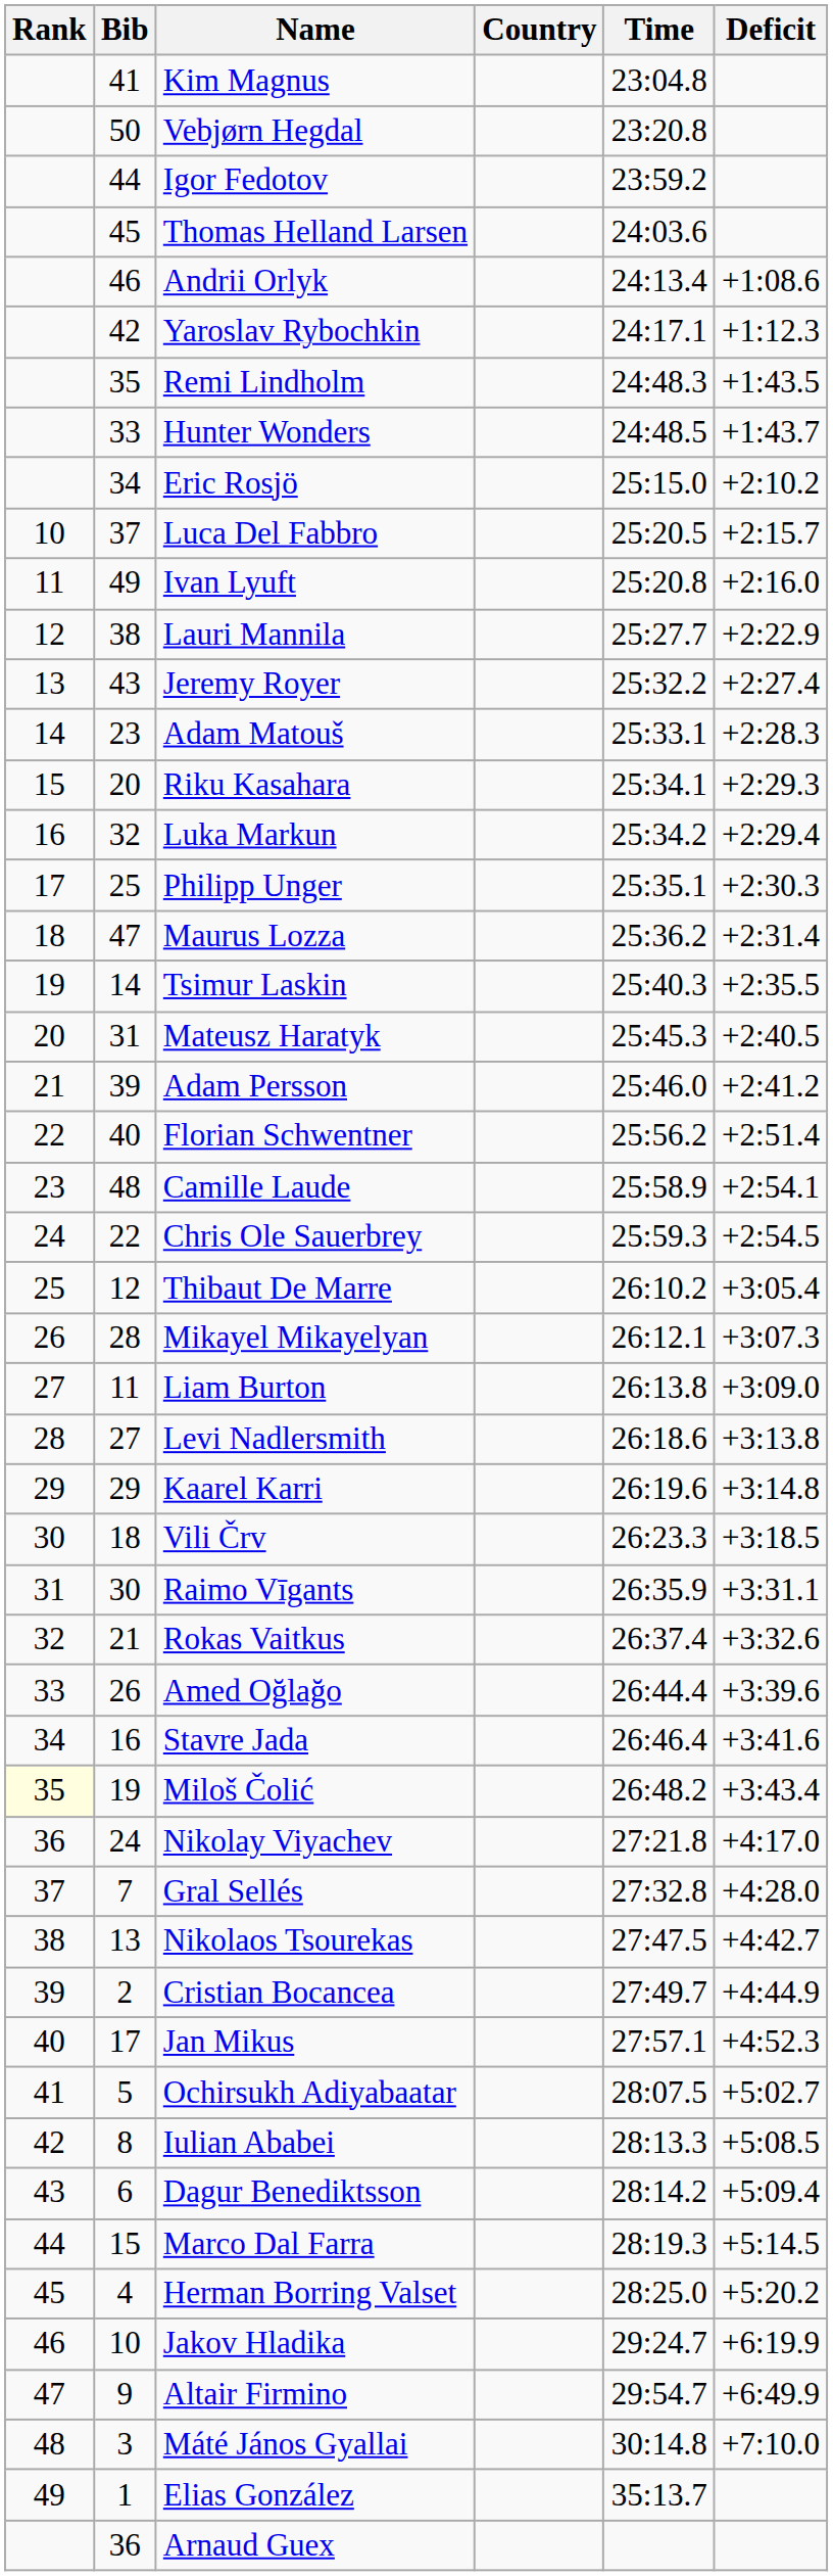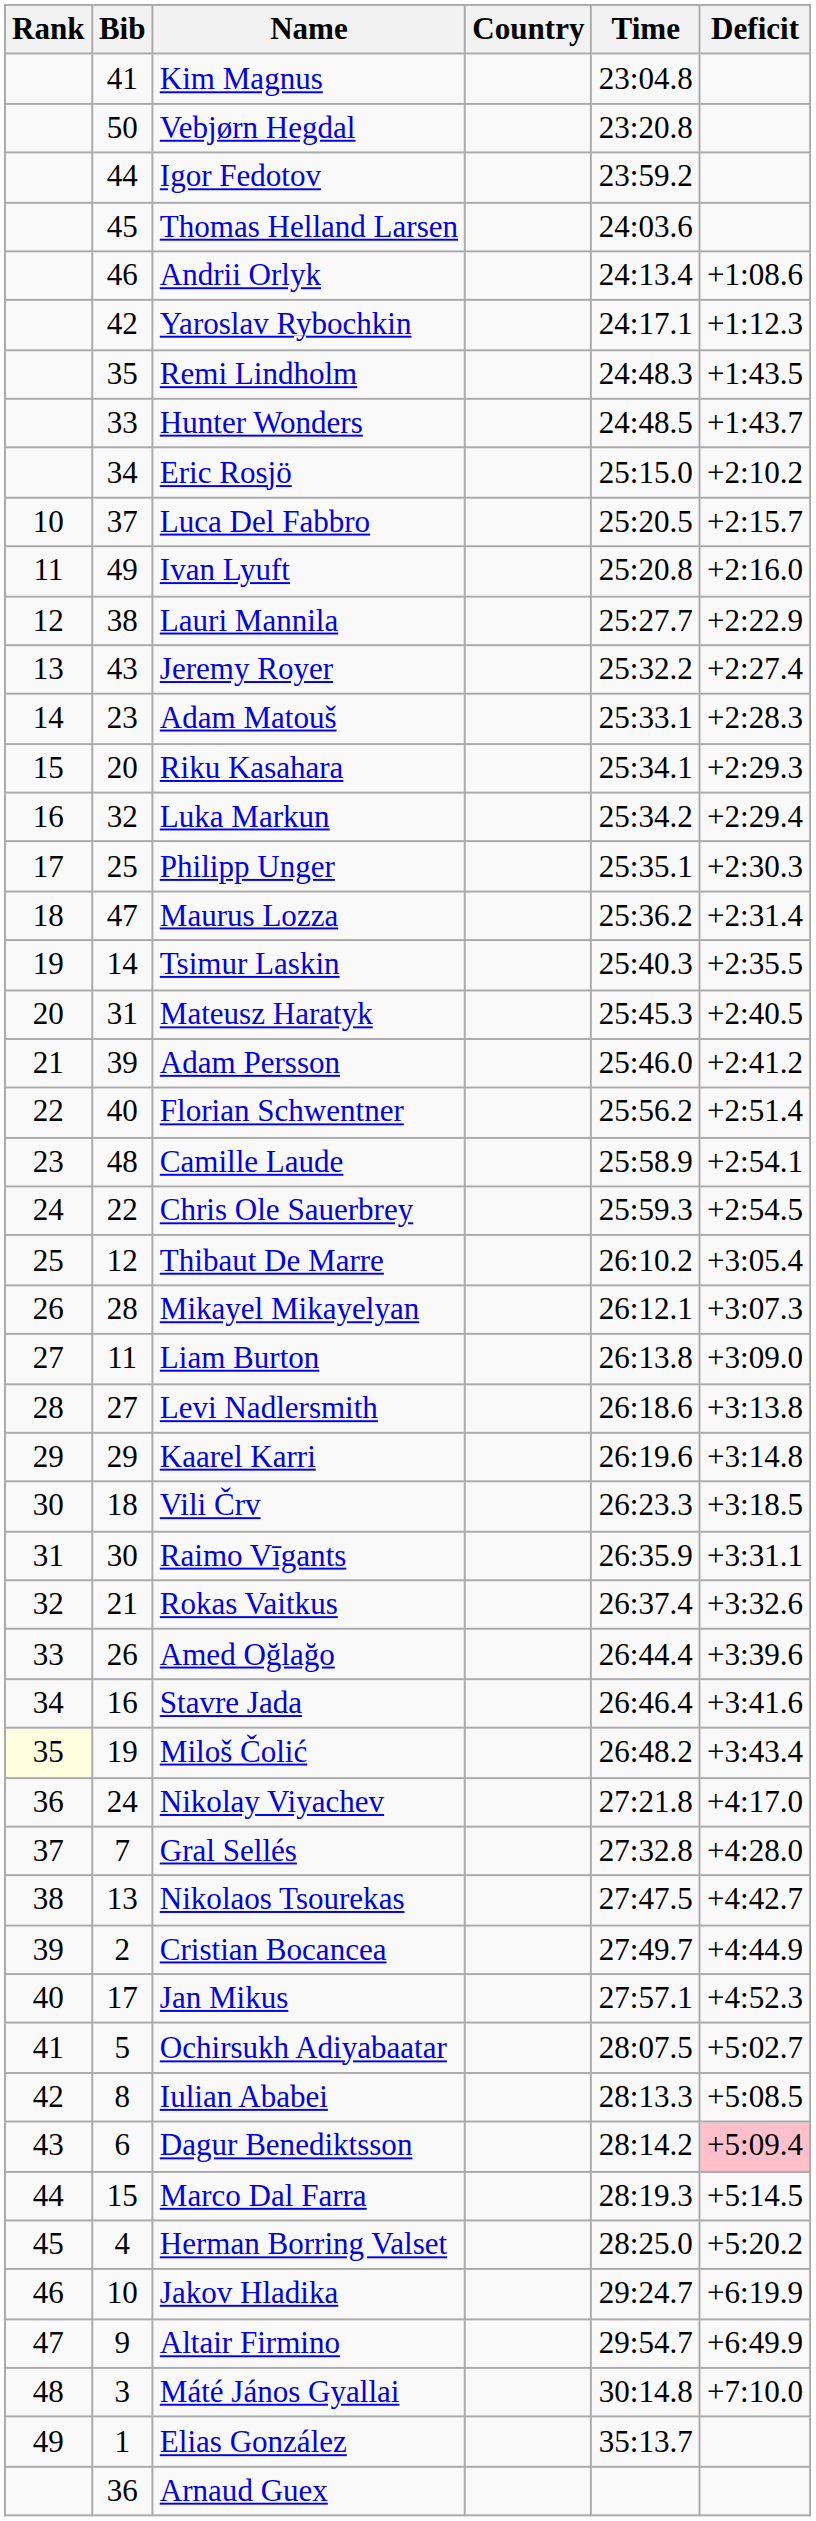 <table class="wikitable sortable" style="text-align:center">
 <tr>
 <th>Rank</th>
 <th>Bib</th>
 <th>Name</th>
 <th>Country</th>
 <th>Time</th>
 <th>Deficit</th>
 </tr>
 <tr>
 <td></td>
 <td>41</td>
 <td align=left><a href='#'>Kim Magnus</a></td>
 <td align=left></td>
 <td>23:04.8</td>
 <td></td>
 </tr>
 <tr>
 <td></td>
 <td>50</td>
 <td align=left><a href='#'>Vebjørn Hegdal</a></td>
 <td align=left></td>
 <td>23:20.8</td>
 <td></td>
 </tr>
 <tr>
 <td></td>
 <td>44</td>
 <td align=left><a href='#'>Igor Fedotov</a></td>
 <td align=left></td>
 <td>23:59.2</td>
 <td></td>
 </tr>
 <tr>
 <td></td>
 <td>45</td>
 <td align=left><a href='#'>Thomas Helland Larsen</a></td>
 <td align=left></td>
 <td>24:03.6</td>
 <td></td>
 </tr>
 <tr>
 <td></td>
 <td>46</td>
 <td align=left><a href='#'>Andrii Orlyk</a></td>
 <td align=left></td>
 <td>24:13.4</td>
 <td>+1:08.6</td>
 </tr>
 <tr>
 <td></td>
 <td>42</td>
 <td align=left><a href='#'>Yaroslav Rybochkin</a></td>
 <td align=left></td>
 <td>24:17.1</td>
 <td>+1:12.3</td>
 </tr>
 <tr>
 <td></td>
 <td>35</td>
 <td align=left><a href='#'>Remi Lindholm</a></td>
 <td align=left></td>
 <td>24:48.3</td>
 <td>+1:43.5</td>
 </tr>
 <tr>
 <td></td>
 <td>33</td>
 <td align=left><a href='#'>Hunter Wonders</a></td>
 <td align=left></td>
 <td>24:48.5</td>
 <td>+1:43.7</td>
 </tr>
 <tr>
 <td></td>
 <td>34</td>
 <td align=left><a href='#'>Eric Rosjö</a></td>
 <td align=left></td>
 <td>25:15.0</td>
 <td>+2:10.2</td>
 </tr>
 <tr>
 <td>10</td>
 <td>37</td>
 <td align=left><a href='#'>Luca Del Fabbro</a></td>
 <td align=left></td>
 <td>25:20.5</td>
 <td>+2:15.7</td>
 </tr>
 <tr>
 <td>11</td>
 <td>49</td>
 <td align=left><a href='#'>Ivan Lyuft</a></td>
 <td align=left></td>
 <td>25:20.8</td>
 <td>+2:16.0</td>
 </tr>
 <tr>
 <td>12</td>
 <td>38</td>
 <td align=left><a href='#'>Lauri Mannila</a></td>
 <td align=left></td>
 <td>25:27.7</td>
 <td>+2:22.9</td>
 </tr>
 <tr>
 <td>13</td>
 <td>43</td>
 <td align=left><a href='#'>Jeremy Royer</a></td>
 <td align=left></td>
 <td>25:32.2</td>
 <td>+2:27.4</td>
 </tr>
 <tr>
 <td>14</td>
 <td>23</td>
 <td align=left><a href='#'>Adam Matouš</a></td>
 <td align=left></td>
 <td>25:33.1</td>
 <td>+2:28.3</td>
 </tr>
 <tr>
 <td>15</td>
 <td>20</td>
 <td align=left><a href='#'>Riku Kasahara</a></td>
 <td align=left></td>
 <td>25:34.1</td>
 <td>+2:29.3</td>
 </tr>
 <tr>
 <td>16</td>
 <td>32</td>
 <td align=left><a href='#'>Luka Markun</a></td>
 <td align=left></td>
 <td>25:34.2</td>
 <td>+2:29.4</td>
 </tr>
 <tr>
 <td>17</td>
 <td>25</td>
 <td align=left><a href='#'>Philipp Unger</a></td>
 <td align=left></td>
 <td>25:35.1</td>
 <td>+2:30.3</td>
 </tr>
 <tr>
 <td>18</td>
 <td>47</td>
 <td align=left><a href='#'>Maurus Lozza</a></td>
 <td align=left></td>
 <td>25:36.2</td>
 <td>+2:31.4</td>
 </tr>
 <tr>
 <td>19</td>
 <td>14</td>
 <td align=left><a href='#'>Tsimur Laskin</a></td>
 <td align=left></td>
 <td>25:40.3</td>
 <td>+2:35.5</td>
 </tr>
 <tr>
 <td>20</td>
 <td>31</td>
 <td align=left><a href='#'>Mateusz Haratyk</a></td>
 <td align=left></td>
 <td>25:45.3</td>
 <td>+2:40.5</td>
 </tr>
 <tr>
 <td>21</td>
 <td>39</td>
 <td align=left><a href='#'>Adam Persson</a></td>
 <td align=left></td>
 <td>25:46.0</td>
 <td>+2:41.2</td>
 </tr>
 <tr>
 <td>22</td>
 <td>40</td>
 <td align=left><a href='#'>Florian Schwentner</a></td>
 <td align=left></td>
 <td>25:56.2</td>
 <td>+2:51.4</td>
 </tr>
 <tr>
 <td>23</td>
 <td>48</td>
 <td align=left><a href='#'>Camille Laude</a></td>
 <td align=left></td>
 <td>25:58.9</td>
 <td>+2:54.1</td>
 </tr>
 <tr>
 <td>24</td>
 <td>22</td>
 <td align=left><a href='#'>Chris Ole Sauerbrey</a></td>
 <td align=left></td>
 <td>25:59.3</td>
 <td>+2:54.5</td>
 </tr>
 <tr>
 <td>25</td>
 <td>12</td>
 <td align=left><a href='#'>Thibaut De Marre</a></td>
 <td align=left></td>
 <td>26:10.2</td>
 <td>+3:05.4</td>
 </tr>
 <tr>
 <td>26</td>
 <td>28</td>
 <td align=left><a href='#'>Mikayel Mikayelyan</a></td>
 <td align=left></td>
 <td>26:12.1</td>
 <td>+3:07.3</td>
 </tr>
 <tr>
 <td>27</td>
 <td>11</td>
 <td align=left><a href='#'>Liam Burton</a></td>
 <td align=left></td>
 <td>26:13.8</td>
 <td>+3:09.0</td>
 </tr>
 <tr>
 <td>28</td>
 <td>27</td>
 <td align=left><a href='#'>Levi Nadlersmith</a></td>
 <td align=left></td>
 <td>26:18.6</td>
 <td>+3:13.8</td>
 </tr>
 <tr>
 <td>29</td>
 <td>29</td>
 <td align=left><a href='#'>Kaarel Karri</a></td>
 <td align=left></td>
 <td>26:19.6</td>
 <td>+3:14.8</td>
 </tr>
 <tr>
 <td>30</td>
 <td>18</td>
 <td align=left><a href='#'>Vili Črv</a></td>
 <td align=left></td>
 <td>26:23.3</td>
 <td>+3:18.5</td>
 </tr>
 <tr>
 <td>31</td>
 <td>30</td>
 <td align=left><a href='#'>Raimo Vīgants</a></td>
 <td align=left></td>
 <td>26:35.9</td>
 <td>+3:31.1</td>
 </tr>
 <tr>
 <td>32</td>
 <td>21</td>
 <td align=left><a href='#'>Rokas Vaitkus</a></td>
 <td align=left></td>
 <td>26:37.4</td>
 <td>+3:32.6</td>
 </tr>
 <tr>
 <td>33</td>
 <td>26</td>
 <td align=left><a href='#'>Amed Oğlağo</a></td>
 <td align=left></td>
 <td>26:44.4</td>
 <td>+3:39.6</td>
 </tr>
 <tr>
 <td>34</td>
 <td>16</td>
 <td align=left><a href='#'>Stavre Jada</a></td>
 <td align=left></td>
 <td>26:46.4</td>
 <td>+3:41.6</td>
 </tr>
 <tr>
 <td style="background: lightyellow;">35</td>
 <td>19</td>
 <td align=left><a href='#'>Miloš Čolić</a></td>
 <td align=left></td>
 <td>26:48.2</td>
 <td>+3:43.4</td>
 </tr>
 <tr>
 <td>36</td>
 <td>24</td>
 <td align=left><a href='#'>Nikolay Viyachev</a></td>
 <td align=left></td>
 <td>27:21.8</td>
 <td>+4:17.0</td>
 </tr>
 <tr>
 <td>37</td>
 <td>7</td>
 <td align=left><a href='#'>Gral Sellés</a></td>
 <td align=left></td>
 <td>27:32.8</td>
 <td>+4:28.0</td>
 </tr>
 <tr>
 <td>38</td>
 <td>13</td>
 <td align=left><a href='#'>Nikolaos Tsourekas</a></td>
 <td align=left></td>
 <td>27:47.5</td>
 <td>+4:42.7</td>
 </tr>
 <tr>
 <td>39</td>
 <td>2</td>
 <td align=left><a href='#'>Cristian Bocancea</a></td>
 <td align=left></td>
 <td>27:49.7</td>
 <td>+4:44.9</td>
 </tr>
 <tr>
 <td>40</td>
 <td>17</td>
 <td align=left><a href='#'>Jan Mikus</a></td>
 <td align=left></td>
 <td>27:57.1</td>
 <td>+4:52.3</td>
 </tr>
 <tr>
 <td>41</td>
 <td>5</td>
 <td align=left><a href='#'>Ochirsukh Adiyabaatar</a></td>
 <td align=left></td>
 <td>28:07.5</td>
 <td>+5:02.7</td>
 </tr>
 <tr>
 <td>42</td>
 <td>8</td>
 <td align=left><a href='#'>Iulian Ababei</a></td>
 <td align=left></td>
 <td>28:13.3</td>
 <td>+5:08.5</td>
 </tr>
 <tr>
 <td>43</td>
 <td>6</td>
 <td align=left><a href='#'>Dagur Benediktsson</a></td>
 <td align=left></td>
 <td>28:14.2</td>
-<td>+5:09.4</td>
+<td style="background: pink;">+5:09.4</td>
 </tr>
 <tr>
 <td>44</td>
 <td>15</td>
 <td align=left><a href='#'>Marco Dal Farra</a></td>
 <td align=left></td>
 <td>28:19.3</td>
 <td>+5:14.5</td>
 </tr>
 <tr>
 <td>45</td>
 <td>4</td>
 <td align=left><a href='#'>Herman Borring Valset</a></td>
 <td align=left></td>
 <td>28:25.0</td>
 <td>+5:20.2</td>
 </tr>
 <tr>
 <td>46</td>
 <td>10</td>
 <td align=left><a href='#'>Jakov Hladika</a></td>
 <td align=left></td>
 <td>29:24.7</td>
 <td>+6:19.9</td>
 </tr>
 <tr>
 <td>47</td>
 <td>9</td>
 <td align=left><a href='#'>Altair Firmino</a></td>
 <td align=left></td>
 <td>29:54.7</td>
 <td>+6:49.9</td>
 </tr>
 <tr>
 <td>48</td>
 <td>3</td>
 <td align=left><a href='#'>Máté János Gyallai</a></td>
 <td align=left></td>
 <td>30:14.8</td>
 <td>+7:10.0</td>
 </tr>
 <tr>
 <td>49</td>
 <td>1</td>
 <td align=left><a href='#'>Elias González</a></td>
 <td align=left></td>
 <td>35:13.7</td>
 <td></td>
 </tr>
 <tr>
 <td></td>
 <td>36</td>
 <td align=left><a href='#'>Arnaud Guex</a></td>
 <td align=left></td>
 <td></td>
 <td></td>
 </tr>
 </table>
